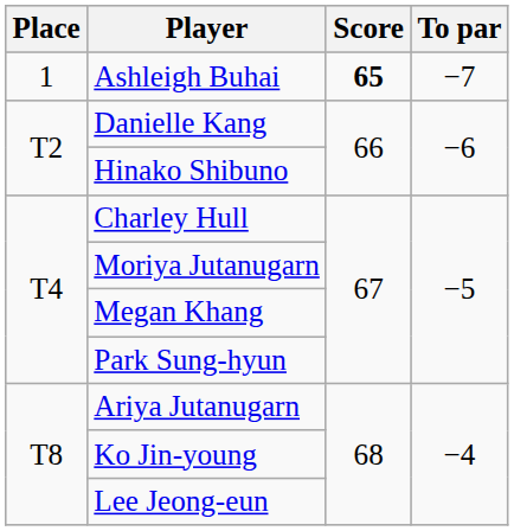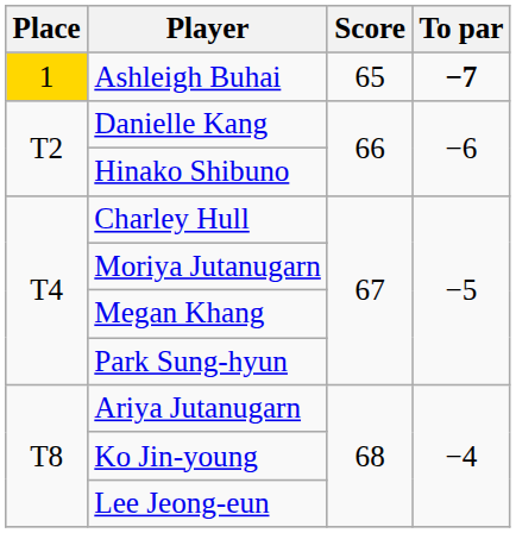 <table class="wikitable">
 <tr>
 <th>Place</th>
 <th>Player</th>
 <th>Score</th>
 <th>To par</th>
 </tr>
 <tr>
-<td align=center>1</td>
+<td align=center style="background: gold;">1</td>
 <td> <a href='#'>Ashleigh Buhai</a></td>
-<td align=center><strong>65</strong></td>
-<td align=center>−7</td>
+<td align=center>65</td>
+<td align=center><strong>−7</strong></td>
 </tr>
 <tr>
 <td align=center rowspan=2>T2</td>
 <td> <a href='#'>Danielle Kang</a></td>
 <td align=center rowspan=2>66</td>
 <td align=center rowspan=2>−6</td>
 </tr>
 <tr>
 <td> <a href='#'>Hinako Shibuno</a></td>
 </tr>
 <tr>
 <td align=center rowspan=4>T4</td>
 <td> <a href='#'>Charley Hull</a></td>
 <td align=center rowspan=4>67</td>
 <td align=center rowspan=4>−5</td>
 </tr>
 <tr>
 <td> <a href='#'>Moriya Jutanugarn</a></td>
 </tr>
 <tr>
 <td> <a href='#'>Megan Khang</a></td>
 </tr>
 <tr>
 <td> <a href='#'>Park Sung-hyun</a></td>
 </tr>
 <tr>
 <td align=center rowspan=3>T8</td>
 <td> <a href='#'>Ariya Jutanugarn</a></td>
 <td align=center rowspan=3>68</td>
 <td align=center rowspan=3>−4</td>
 </tr>
 <tr>
 <td> <a href='#'>Ko Jin-young</a></td>
 </tr>
 <tr>
 <td> <a href='#'>Lee Jeong-eun</a></td>
 </tr>
 </table>
